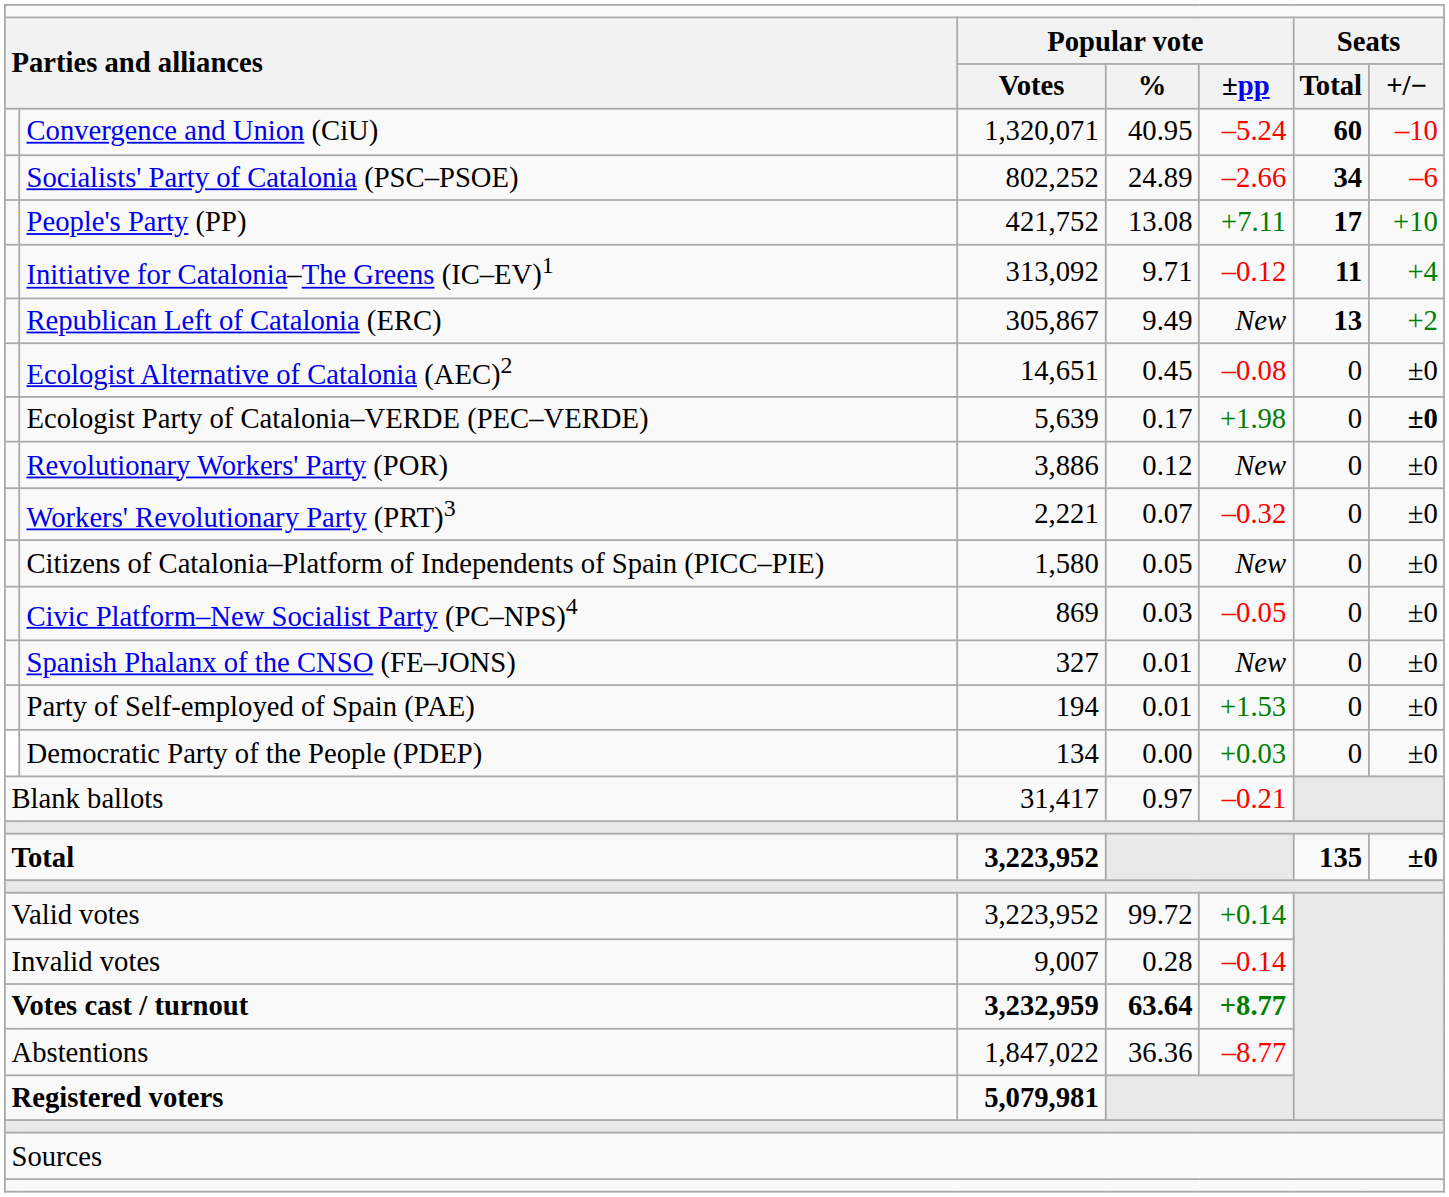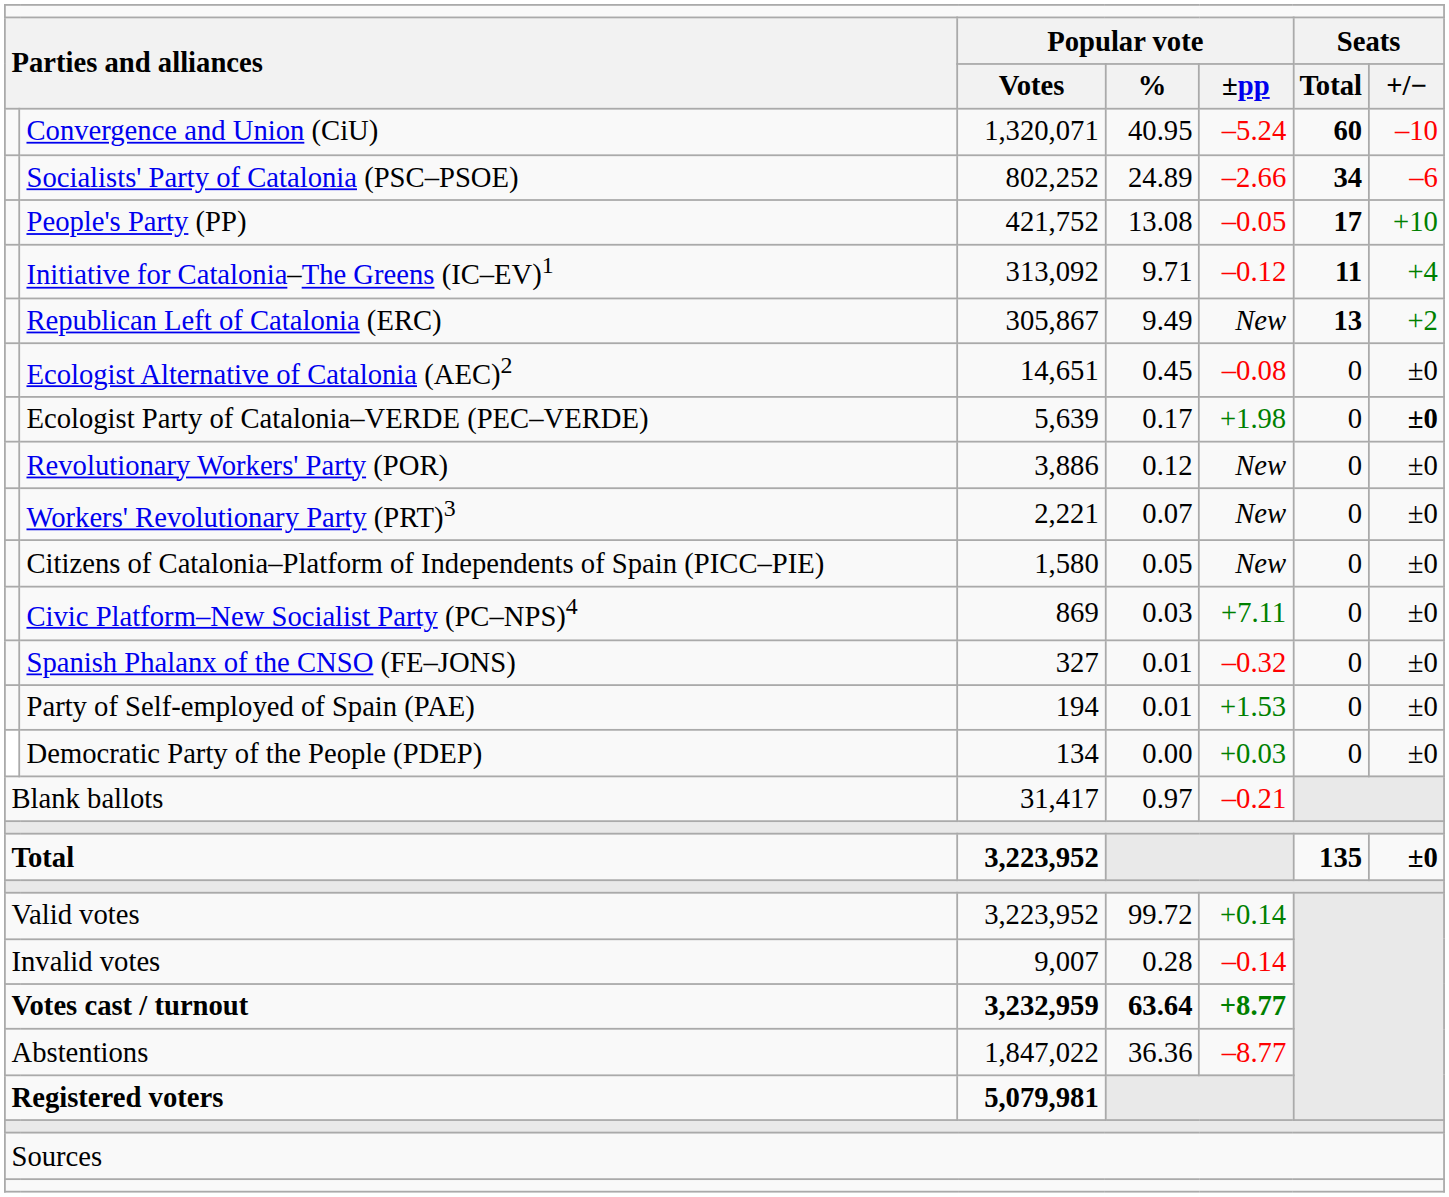 <table class="wikitable" style="text-align:right;">
 <tr>
 <td colspan="7"></td>
 </tr>
 <tr>
 <th style="text-align:left;" rowspan="2" colspan="2" width="525">Parties and alliances</th>
 <th colspan="3">Popular vote</th>
 <th colspan="2">Seats</th>
 </tr>
 <tr>
 <th width="75">Votes</th>
 <th width="45">%</th>
 <th width="45">±<a href='#'>pp</a></th>
 <th width="35">Total</th>
 <th width="35">+/−</th>
 </tr>
 <tr>
 <td width="1" style="color:inherit;background:"></td>
 <td align="left"><a href='#'>Convergence and Union</a> (CiU)</td>
 <td>1,320,071</td>
 <td>40.95</td>
 <td style="color:red;">–5.24</td>
 <td><strong>60</strong></td>
 <td style="color:red;">–10</td>
 </tr>
 <tr>
 <td style="color:inherit;background:"></td>
 <td align="left"><a href='#'>Socialists' Party of Catalonia</a> (PSC–PSOE)</td>
 <td>802,252</td>
 <td>24.89</td>
 <td style="color:red;">–2.66</td>
 <td><strong>34</strong></td>
 <td style="color:red;">–6</td>
 </tr>
 <tr>
 <td style="color:inherit;background:"></td>
 <td align="left"><a href='#'>People's Party</a> (PP)</td>
 <td>421,752</td>
 <td>13.08</td>
-<td style="color:green;">+7.11</td>
+<td style="color:red;">–0.05</td>
 <td><strong>17</strong></td>
 <td style="color:green;">+10</td>
 </tr>
 <tr>
 <td style="color:inherit;background:"></td>
 <td align="left"><a href='#'>Initiative for Catalonia</a>–<a href='#'>The Greens</a> (IC–EV)<sup>1</sup></td>
 <td>313,092</td>
 <td>9.71</td>
 <td style="color:red;">–0.12</td>
 <td><strong>11</strong></td>
 <td style="color:green;">+4</td>
 </tr>
 <tr>
 <td style="color:inherit;background:"></td>
 <td align="left"><a href='#'>Republican Left of Catalonia</a> (ERC)</td>
 <td>305,867</td>
 <td>9.49</td>
 <td><em>New</em></td>
 <td><strong>13</strong></td>
 <td style="color:green;">+2</td>
 </tr>
 <tr>
 <td style="color:inherit;background:"></td>
 <td align="left"><a href='#'>Ecologist Alternative of Catalonia</a> (AEC)<sup>2</sup></td>
 <td>14,651</td>
 <td>0.45</td>
 <td style="color:red;">–0.08</td>
 <td>0</td>
 <td>±0</td>
 </tr>
 <tr>
 <td style="color:inherit;background:"></td>
 <td align="left">Ecologist Party of Catalonia–VERDE (PEC–VERDE)</td>
 <td>5,639</td>
 <td>0.17</td>
 <td style="color:green;">+1.98</td>
 <td>0</td>
 <td><strong>±0</strong></td>
 </tr>
 <tr>
 <td style="color:inherit;background:"></td>
 <td align="left"><a href='#'>Revolutionary Workers' Party</a> (POR)</td>
 <td>3,886</td>
 <td>0.12</td>
 <td><em>New</em></td>
 <td>0</td>
 <td>±0</td>
 </tr>
 <tr>
 <td style="color:inherit;background:"></td>
 <td align="left"><a href='#'>Workers' Revolutionary Party</a> (PRT)<sup>3</sup></td>
 <td>2,221</td>
 <td>0.07</td>
-<td style="color:red;">–0.32</td>
+<td><em>New</em></td>
 <td>0</td>
 <td>±0</td>
 </tr>
 <tr>
 <td style="color:inherit;background:"></td>
 <td align="left">Citizens of Catalonia–Platform of Independents of Spain (PICC–PIE)</td>
 <td>1,580</td>
 <td>0.05</td>
 <td><em>New</em></td>
 <td>0</td>
 <td>±0</td>
 </tr>
 <tr>
 <td style="color:inherit;background:"></td>
 <td align="left"><a href='#'>Civic Platform–New Socialist Party</a> (PC–NPS)<sup>4</sup></td>
 <td>869</td>
 <td>0.03</td>
-<td style="color:red;">–0.05</td>
+<td style="color:green;">+7.11</td>
 <td>0</td>
 <td>±0</td>
 </tr>
 <tr>
 <td style="color:inherit;background:"></td>
 <td align="left"><a href='#'>Spanish Phalanx of the CNSO</a> (FE–JONS)</td>
 <td>327</td>
 <td>0.01</td>
-<td><em>New</em></td>
+<td style="color:red;">–0.32</td>
 <td>0</td>
 <td>±0</td>
 </tr>
 <tr>
 <td style="color:inherit;background:"></td>
 <td align="left">Party of Self-employed of Spain (PAE)</td>
 <td>194</td>
 <td>0.01</td>
 <td style="color:green;">+1.53</td>
 <td>0</td>
 <td>±0</td>
 </tr>
 <tr>
 <td bgcolor="white"></td>
 <td align="left">Democratic Party of the People (PDEP)</td>
 <td>134</td>
 <td>0.00</td>
 <td style="color:green;">+0.03</td>
 <td>0</td>
 <td>±0</td>
 </tr>
 <tr>
 <td align="left" colspan="2">Blank ballots</td>
 <td>31,417</td>
 <td>0.97</td>
 <td style="color:red;">–0.21</td>
 <td bgcolor="#E9E9E9" colspan="2"></td>
 </tr>
 <tr>
 <td colspan="7" bgcolor="#E9E9E9"></td>
 </tr>
 <tr style="font-weight:bold;">
 <td align="left" colspan="2">Total</td>
 <td>3,223,952</td>
 <td bgcolor="#E9E9E9" colspan="2"></td>
 <td>135</td>
 <td>±0</td>
 </tr>
 <tr>
 <td colspan="7" bgcolor="#E9E9E9"></td>
 </tr>
 <tr>
 <td align="left" colspan="2">Valid votes</td>
 <td>3,223,952</td>
 <td>99.72</td>
 <td style="color:green;">+0.14</td>
 <td bgcolor="#E9E9E9" colspan="2" rowspan="5"></td>
 </tr>
 <tr>
 <td align="left" colspan="2">Invalid votes</td>
 <td>9,007</td>
 <td>0.28</td>
 <td style="color:red;">–0.14</td>
 </tr>
 <tr style="font-weight:bold;">
 <td align="left" colspan="2">Votes cast / turnout</td>
 <td>3,232,959</td>
 <td>63.64</td>
 <td style="color:green;">+8.77</td>
 </tr>
 <tr>
 <td align="left" colspan="2">Abstentions</td>
 <td>1,847,022</td>
 <td>36.36</td>
 <td style="color:red;">–8.77</td>
 </tr>
 <tr style="font-weight:bold;">
 <td align="left" colspan="2">Registered voters</td>
 <td>5,079,981</td>
 <td bgcolor="#E9E9E9" colspan="2"></td>
 </tr>
 <tr>
 <td colspan="7" bgcolor="#E9E9E9"></td>
 </tr>
 <tr>
 <td align="left" colspan="7">Sources</td>
 </tr>
 <tr>
 <td colspan="7" style="text-align:left; max-width:790px;"></td>
 </tr>
 </table>
